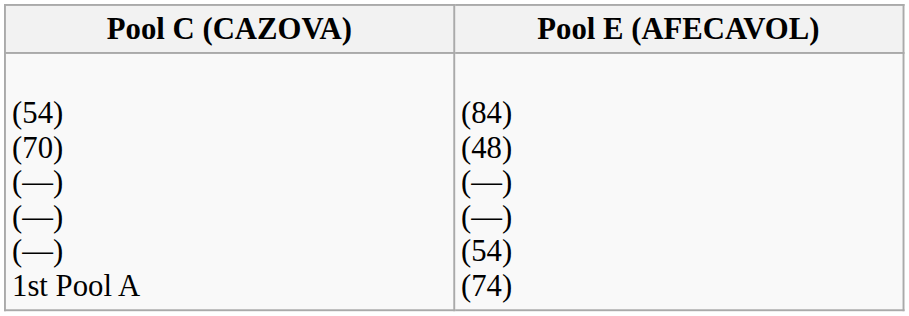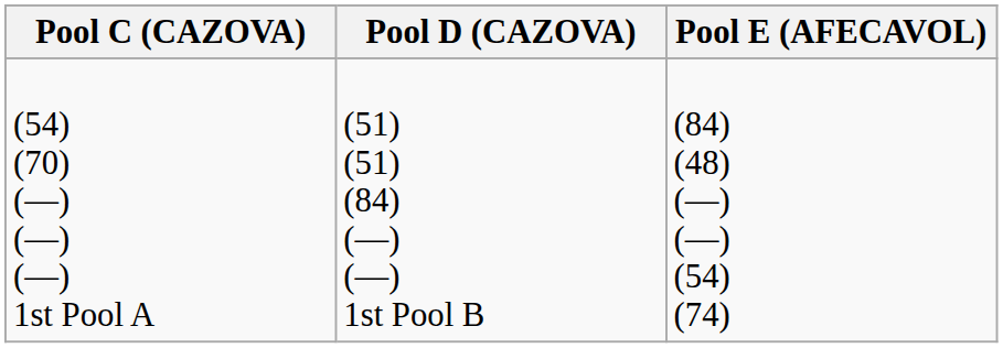 <table class="wikitable">
 <tr>
 <th width=33%>Pool C (CAZOVA)</th>
+<th width=33%>Pool D (CAZOVA)</th>
 <th width=33%>Pool E (AFECAVOL)</th>
 </tr>
 <tr>
 <td valign=top><br> (54)<br>  (70)<br>  (—)<br>  (—)<br>  (—)<br> 1st Pool A</td>
+<td valign=top><br> (51)<br>  (51)<br>  (84)<br>  (—)<br>  (—)<br> 1st Pool B</td>
 <td><br> (84)<br>  (48)<br>  (—)<br>  (—)<br>  (54)<br>  (74)</td>
 </tr>
 </table>
